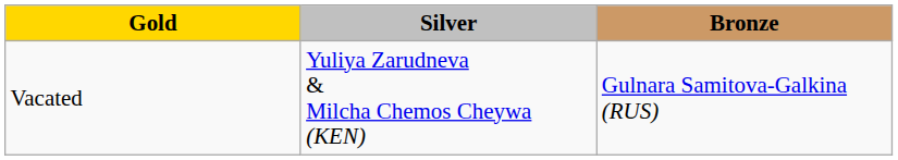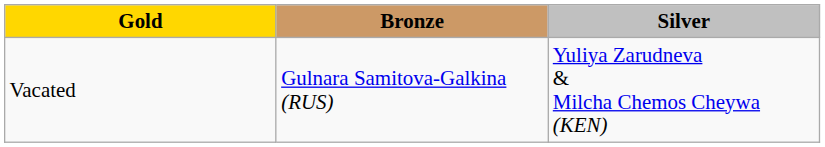 <table class="wikitable" style="text-align:left">
 <tr align="center">
 <td width=200 bgcolor=gold><strong>Gold</strong></td>
+<td width=200 bgcolor=CC9966><strong>Bronze</strong></td>
 <td width=200 bgcolor=silver><strong>Silver</strong></td>
-<td width=200 bgcolor=CC9966><strong>Bronze</strong></td>
 </tr>
 <tr>
 <td>Vacated</td>
+<td><a href='#'>Gulnara Samitova-Galkina</a> <em>(RUS)</em></td>
 <td><a href='#'>Yuliya Zarudneva</a><br><em></em>&<br><a href='#'>Milcha Chemos Cheywa</a>   <em>(KEN)</em></td>
-<td><a href='#'>Gulnara Samitova-Galkina</a> <em>(RUS)</em></td>
 </tr>
 </table>
